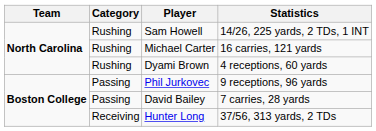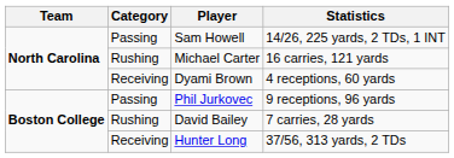 <table class="wikitable" style="float: left;">
 <tr>
 <th>Team</th>
 <th>Category</th>
 <th>Player</th>
 <th>Statistics</th>
 </tr>
 <tr>
 <td rowspan=3><strong>North Carolina</strong></td>
-<td>Rushing</td>
+<td>Passing</td>
 <td>Sam Howell</td>
 <td>14/26, 225 yards, 2 TDs, 1 INT</td>
 </tr>
 <tr>
 <td>Rushing</td>
 <td>Michael Carter</td>
 <td>16 carries, 121 yards</td>
 </tr>
 <tr>
-<td>Rushing</td>
+<td>Receiving</td>
 <td>Dyami Brown</td>
 <td>4 receptions, 60 yards</td>
 </tr>
 <tr>
 <td rowspan=3><strong>Boston College</strong></td>
 <td>Passing</td>
 <td><a href='#'>Phil Jurkovec</a></td>
 <td>9 receptions, 96 yards</td>
 </tr>
 <tr>
-<td>Passing</td>
+<td>Rushing</td>
 <td>David Bailey</td>
 <td>7 carries, 28 yards</td>
 </tr>
 <tr>
 <td>Receiving</td>
 <td><a href='#'>Hunter Long</a></td>
 <td>37/56, 313 yards, 2 TDs</td>
 </tr>
 </table>
